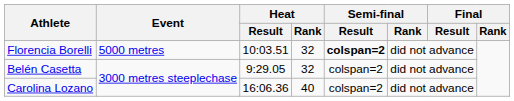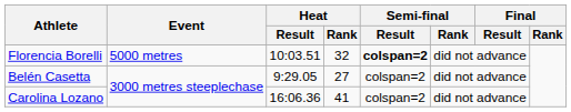 <table class=wikitable style=font-size:90%>
 <tr>
 <th rowspan=2>Athlete</th>
 <th rowspan=2>Event</th>
 <th colspan=2>Heat</th>
 <th colspan=2>Semi-final</th>
 <th colspan=2>Final</th>
 </tr>
 <tr style=font-size:95%>
 <th>Result</th>
 <th>Rank</th>
 <th>Result</th>
 <th>Rank</th>
 <th>Result</th>
 <th>Rank</th>
 </tr>
 <tr align=center>
 <td align=left><a href='#'>Florencia Borelli</a></td>
 <td align=left><a href='#'>5000 metres</a></td>
 <td>10:03.51 </td>
 <td>32</td>
 <td><strong>colspan=2</strong></td>
 <td colspan=2>did not advance</td>
 </tr>
 <tr align=center>
 <td align=left><a href='#'>Belén Casetta</a></td>
 <td align=left rowspan=2><a href='#'>3000 metres steeplechase</a></td>
 <td>9:29.05</td>
-<td>32</td>
+<td>27</td>
 <td>colspan=2</td>
 <td colspan=2>did not advance</td>
 </tr>
 <tr align=center>
 <td align=left><a href='#'>Carolina Lozano</a></td>
 <td>16:06.36</td>
-<td>40</td>
+<td>41</td>
 <td>colspan=2</td>
 <td colspan=2>did not advance</td>
 </tr>
 </table>
